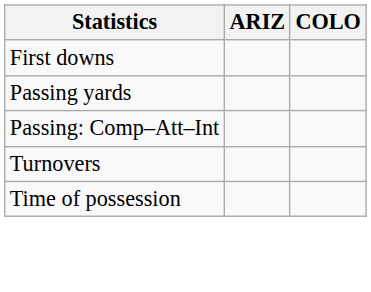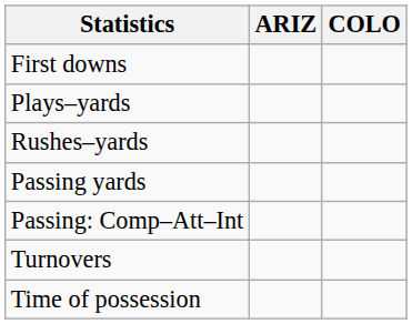 <table class="wikitable" style="float:left">
 <tr>
 <th>Statistics</th>
 <th>ARIZ</th>
 <th>COLO</th>
 </tr>
 <tr>
 <td>First downs</td>
+<td></td>
+<td></td>
+</tr>
+<tr>
+<td>Plays–yards</td>
+<td></td>
+<td></td>
+</tr>
+<tr>
+<td>Rushes–yards</td>
 <td></td>
 <td></td>
 </tr>
 <tr>
 <td>Passing yards</td>
 <td></td>
 <td></td>
 </tr>
 <tr>
 <td>Passing: Comp–Att–Int</td>
 <td></td>
 <td></td>
 </tr>
 <tr>
 <td>Turnovers</td>
 <td></td>
 <td></td>
 </tr>
 <tr>
 <td>Time of possession</td>
 <td></td>
 <td></td>
 </tr>
 </table>
